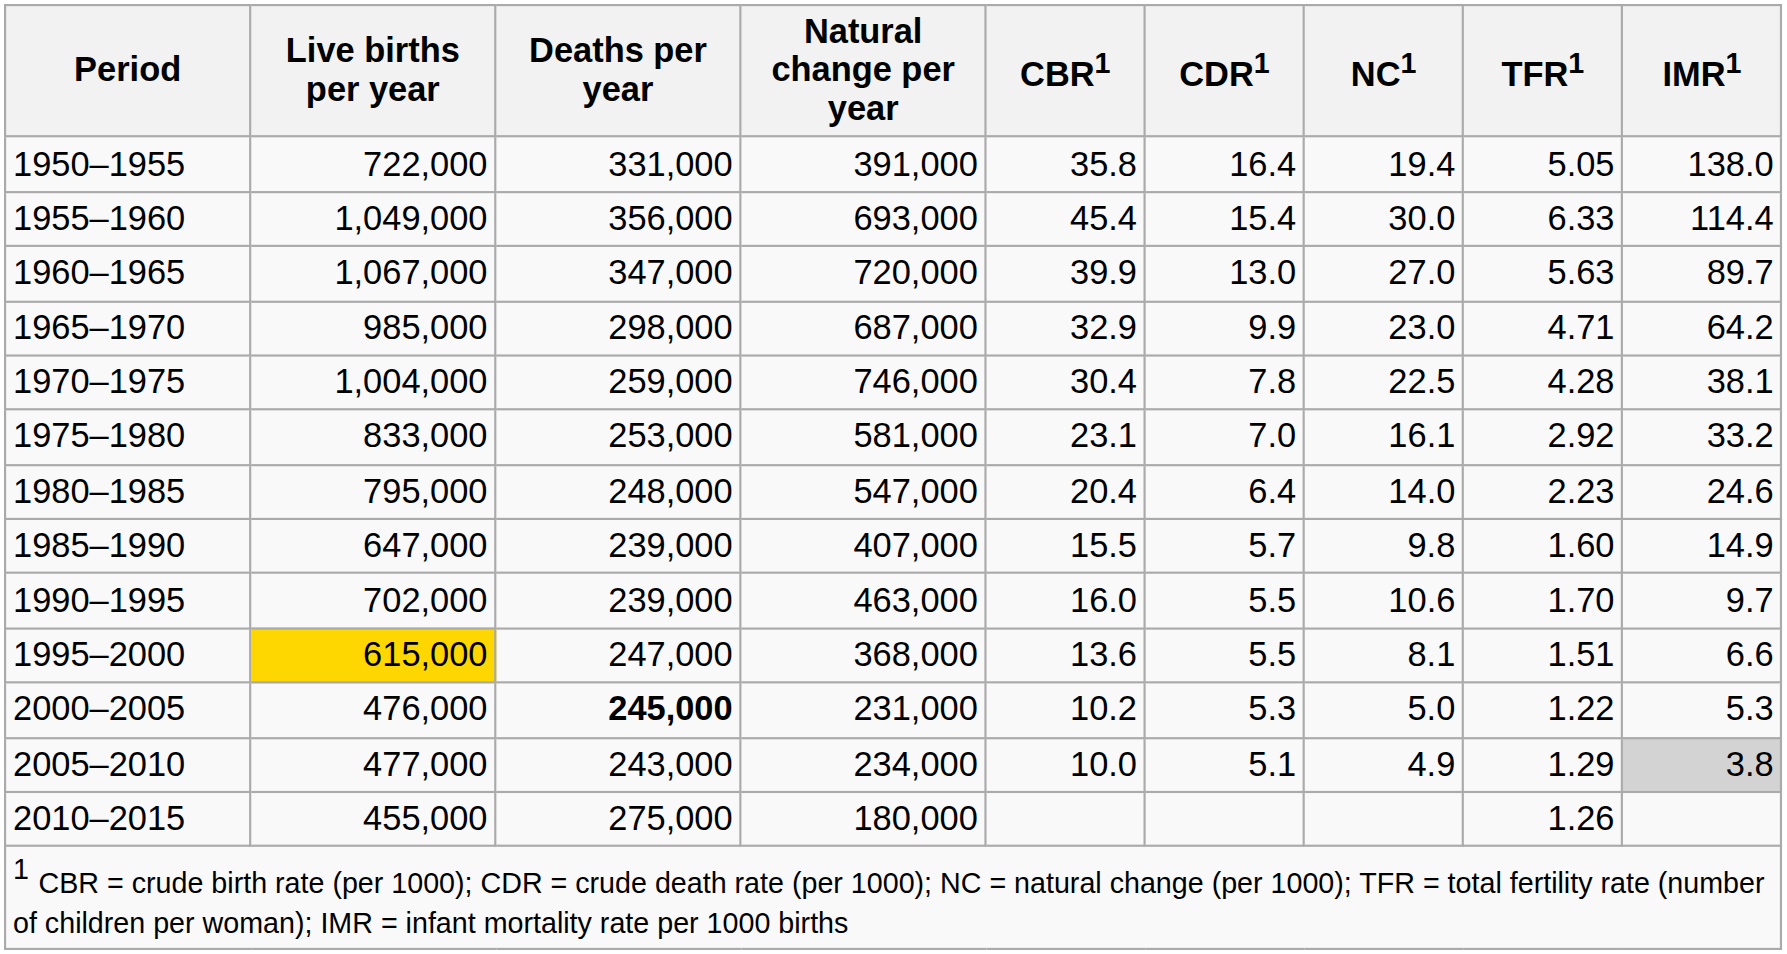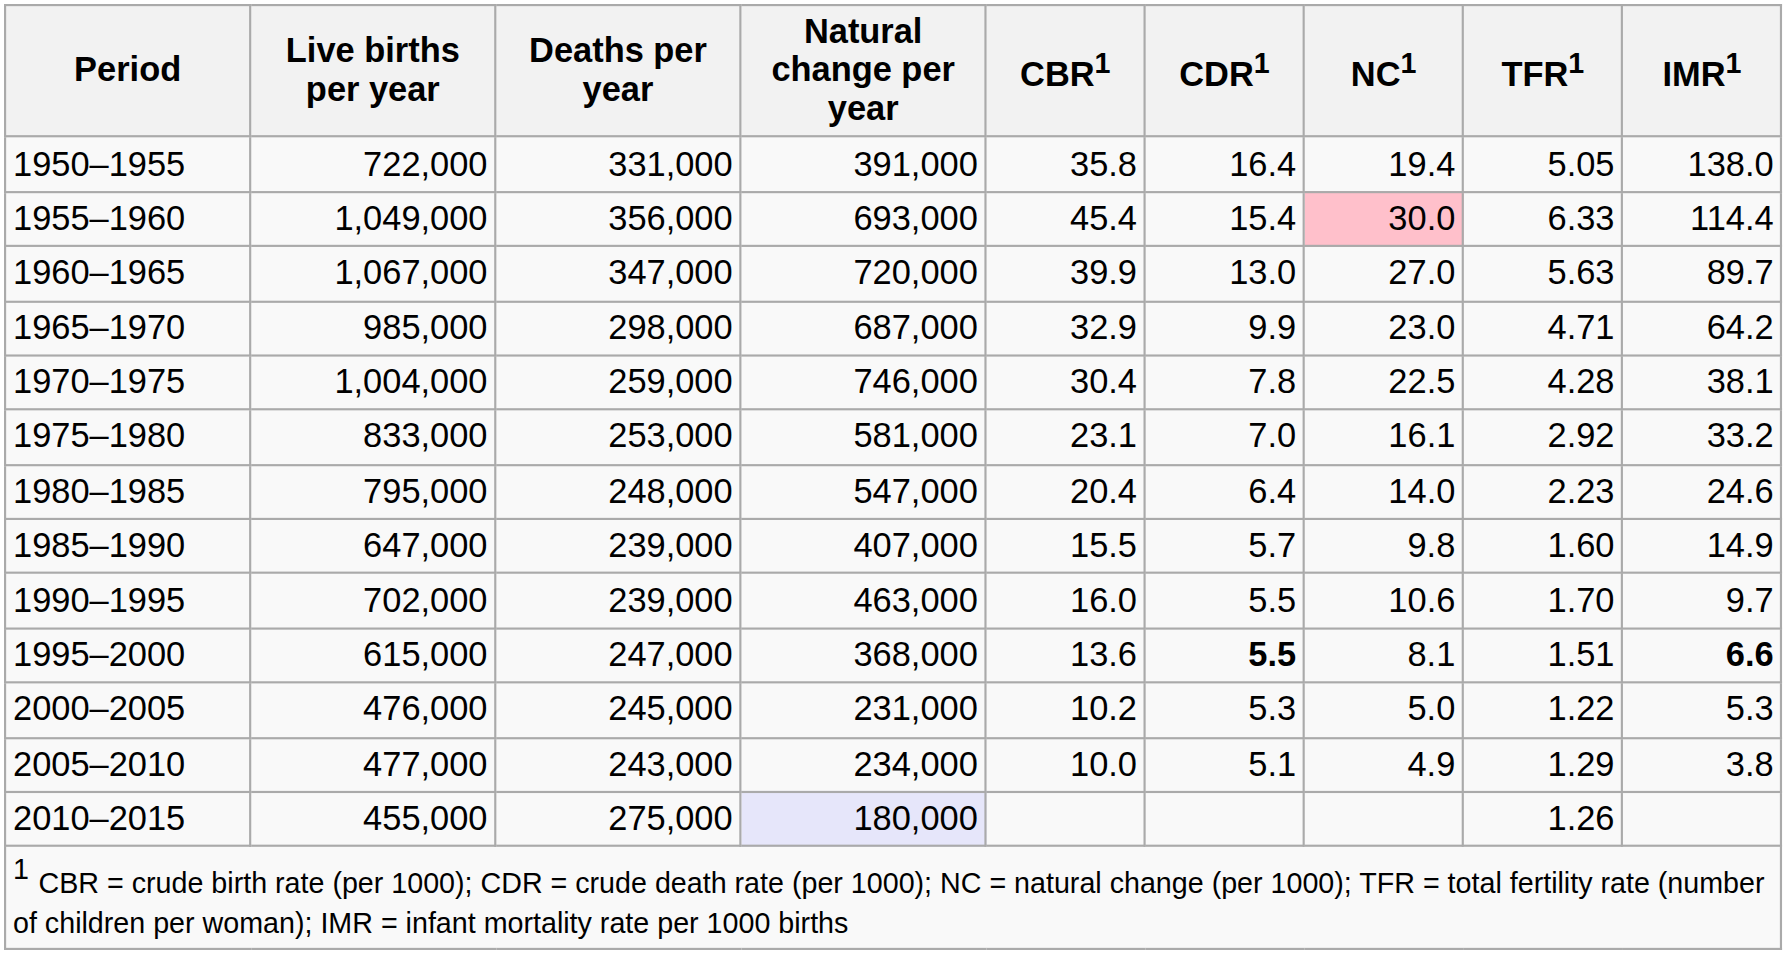 <table class="wikitable">
 <tr>
 <th style="width:80pt;">Period</th>
 <th style="width:80pt;">Live births per year</th>
 <th style="width:80pt;">Deaths per year</th>
 <th style="width:80pt;">Natural change per year</th>
 <th style="width:50pt;">CBR<sup>1</sup></th>
 <th style="width:50pt;">CDR<sup>1</sup></th>
 <th style="width:50pt;">NC<sup>1</sup></th>
 <th style="width:50pt;">TFR<sup>1</sup></th>
 <th style="width:50pt;">IMR<sup>1</sup></th>
 </tr>
 <tr>
 <td>1950–1955</td>
 <td style="text-align:right;">722,000</td>
 <td style="text-align:right;">331,000</td>
 <td style="text-align:right;">391,000</td>
 <td style="text-align:right;">35.8</td>
 <td style="text-align:right;">16.4</td>
 <td style="text-align:right;">19.4</td>
 <td style="text-align:right;">5.05</td>
 <td style="text-align:right;">138.0</td>
 </tr>
 <tr>
 <td>1955–1960</td>
 <td style="text-align:right;">1,049,000</td>
 <td style="text-align:right;">356,000</td>
 <td style="text-align:right;">693,000</td>
 <td style="text-align:right;">45.4</td>
 <td style="text-align:right;">15.4</td>
-<td style="text-align:right;">30.0</td>
+<td style="background: pink; text-align:right;">30.0</td>
 <td style="text-align:right;">6.33</td>
 <td style="text-align:right;">114.4</td>
 </tr>
 <tr>
 <td>1960–1965</td>
 <td style="text-align:right;">1,067,000</td>
 <td style="text-align:right;">347,000</td>
 <td style="text-align:right;">720,000</td>
 <td style="text-align:right;">39.9</td>
 <td style="text-align:right;">13.0</td>
 <td style="text-align:right;">27.0</td>
 <td style="text-align:right;">5.63</td>
 <td style="text-align:right;">89.7</td>
 </tr>
 <tr>
 <td>1965–1970</td>
 <td style="text-align:right;">985,000</td>
 <td style="text-align:right;">298,000</td>
 <td style="text-align:right;">687,000</td>
 <td style="text-align:right;">32.9</td>
 <td style="text-align:right;">9.9</td>
 <td style="text-align:right;">23.0</td>
 <td style="text-align:right;">4.71</td>
 <td style="text-align:right;">64.2</td>
 </tr>
 <tr>
 <td>1970–1975</td>
 <td style="text-align:right;">1,004,000</td>
 <td style="text-align:right;">259,000</td>
 <td style="text-align:right;">746,000</td>
 <td style="text-align:right;">30.4</td>
 <td style="text-align:right;">7.8</td>
 <td style="text-align:right;">22.5</td>
 <td style="text-align:right;">4.28</td>
 <td style="text-align:right;">38.1</td>
 </tr>
 <tr>
 <td>1975–1980</td>
 <td style="text-align:right;">833,000</td>
 <td style="text-align:right;">253,000</td>
 <td style="text-align:right;">581,000</td>
 <td style="text-align:right;">23.1</td>
 <td style="text-align:right;">7.0</td>
 <td style="text-align:right;">16.1</td>
 <td style="text-align:right;">2.92</td>
 <td style="text-align:right;">33.2</td>
 </tr>
 <tr>
 <td>1980–1985</td>
 <td style="text-align:right;">795,000</td>
 <td style="text-align:right;">248,000</td>
 <td style="text-align:right;">547,000</td>
 <td style="text-align:right;">20.4</td>
 <td style="text-align:right;">6.4</td>
 <td style="text-align:right;">14.0</td>
 <td style="text-align:right;">2.23</td>
 <td style="text-align:right;">24.6</td>
 </tr>
 <tr>
 <td>1985–1990</td>
 <td style="text-align:right;">647,000</td>
 <td style="text-align:right;">239,000</td>
 <td style="text-align:right;">407,000</td>
 <td style="text-align:right;">15.5</td>
 <td style="text-align:right;">5.7</td>
 <td style="text-align:right;">9.8</td>
 <td style="text-align:right;">1.60</td>
 <td style="text-align:right;">14.9</td>
 </tr>
 <tr>
 <td>1990–1995</td>
 <td style="text-align:right;">702,000</td>
 <td style="text-align:right;">239,000</td>
 <td style="text-align:right;">463,000</td>
 <td style="text-align:right;">16.0</td>
 <td style="text-align:right;">5.5</td>
 <td style="text-align:right;">10.6</td>
 <td style="text-align:right;">1.70</td>
 <td style="text-align:right;">9.7</td>
 </tr>
 <tr>
 <td>1995–2000</td>
-<td style="background: gold; text-align:right;">615,000</td>
+<td style="text-align:right;">615,000</td>
 <td style="text-align:right;">247,000</td>
 <td style="text-align:right;">368,000</td>
 <td style="text-align:right;">13.6</td>
-<td style="text-align:right;">5.5</td>
+<td style="text-align:right;"><strong>5.5</strong></td>
 <td style="text-align:right;">8.1</td>
 <td style="text-align:right;">1.51</td>
-<td style="text-align:right;">6.6</td>
+<td style="text-align:right;"><strong>6.6</strong></td>
 </tr>
 <tr>
 <td>2000–2005</td>
 <td style="text-align:right;">476,000</td>
-<td style="text-align:right;"><strong>245,000</strong></td>
+<td style="text-align:right;">245,000</td>
 <td style="text-align:right;">231,000</td>
 <td style="text-align:right;">10.2</td>
 <td style="text-align:right;">5.3</td>
 <td style="text-align:right;">5.0</td>
 <td style="text-align:right;">1.22</td>
 <td style="text-align:right;">5.3</td>
 </tr>
 <tr>
 <td>2005–2010</td>
 <td style="text-align:right;">477,000</td>
 <td style="text-align:right;">243,000</td>
 <td style="text-align:right;">234,000</td>
 <td style="text-align:right;">10.0</td>
 <td style="text-align:right;">5.1</td>
 <td style="text-align:right;">4.9</td>
 <td style="text-align:right;">1.29</td>
-<td style="background: lightgrey; text-align:right;">3.8</td>
+<td style="text-align:right;">3.8</td>
 </tr>
 <tr>
 <td>2010–2015</td>
 <td style="text-align:right;">455,000</td>
 <td style="text-align:right;">275,000</td>
-<td style="text-align:right;">180,000</td>
+<td style="background: lavender; text-align:right;">180,000</td>
 <td style="text-align:right;"></td>
 <td style="text-align:right;"></td>
 <td style="text-align:right;"></td>
 <td style="text-align:right;">1.26</td>
 <td style="text-align:right;"></td>
 </tr>
 <tr>
 <td colspan="9"><sup>1</sup> <small>CBR = crude birth rate (per 1000); CDR = crude death rate (per 1000); NC = natural change (per 1000); TFR = total fertility rate (number of children per woman); IMR = infant mortality rate per 1000 births</small></td>
 </tr>
 </table>
